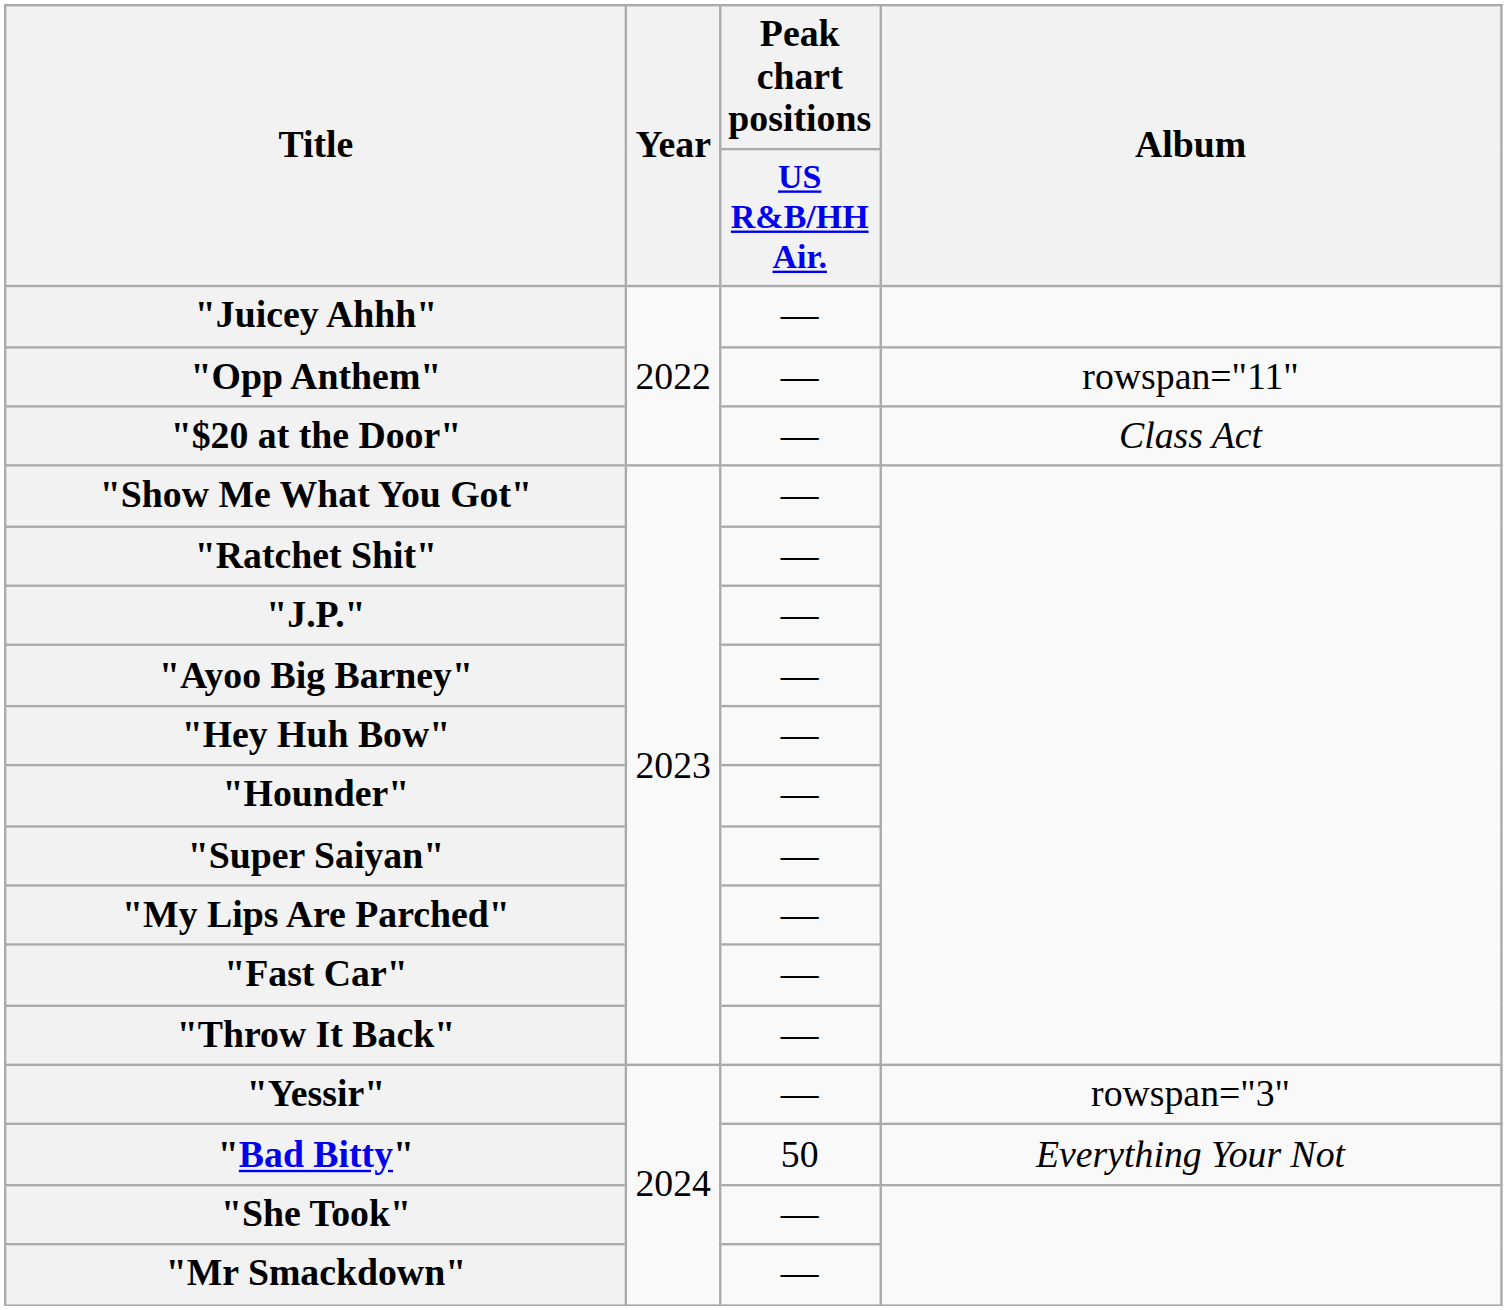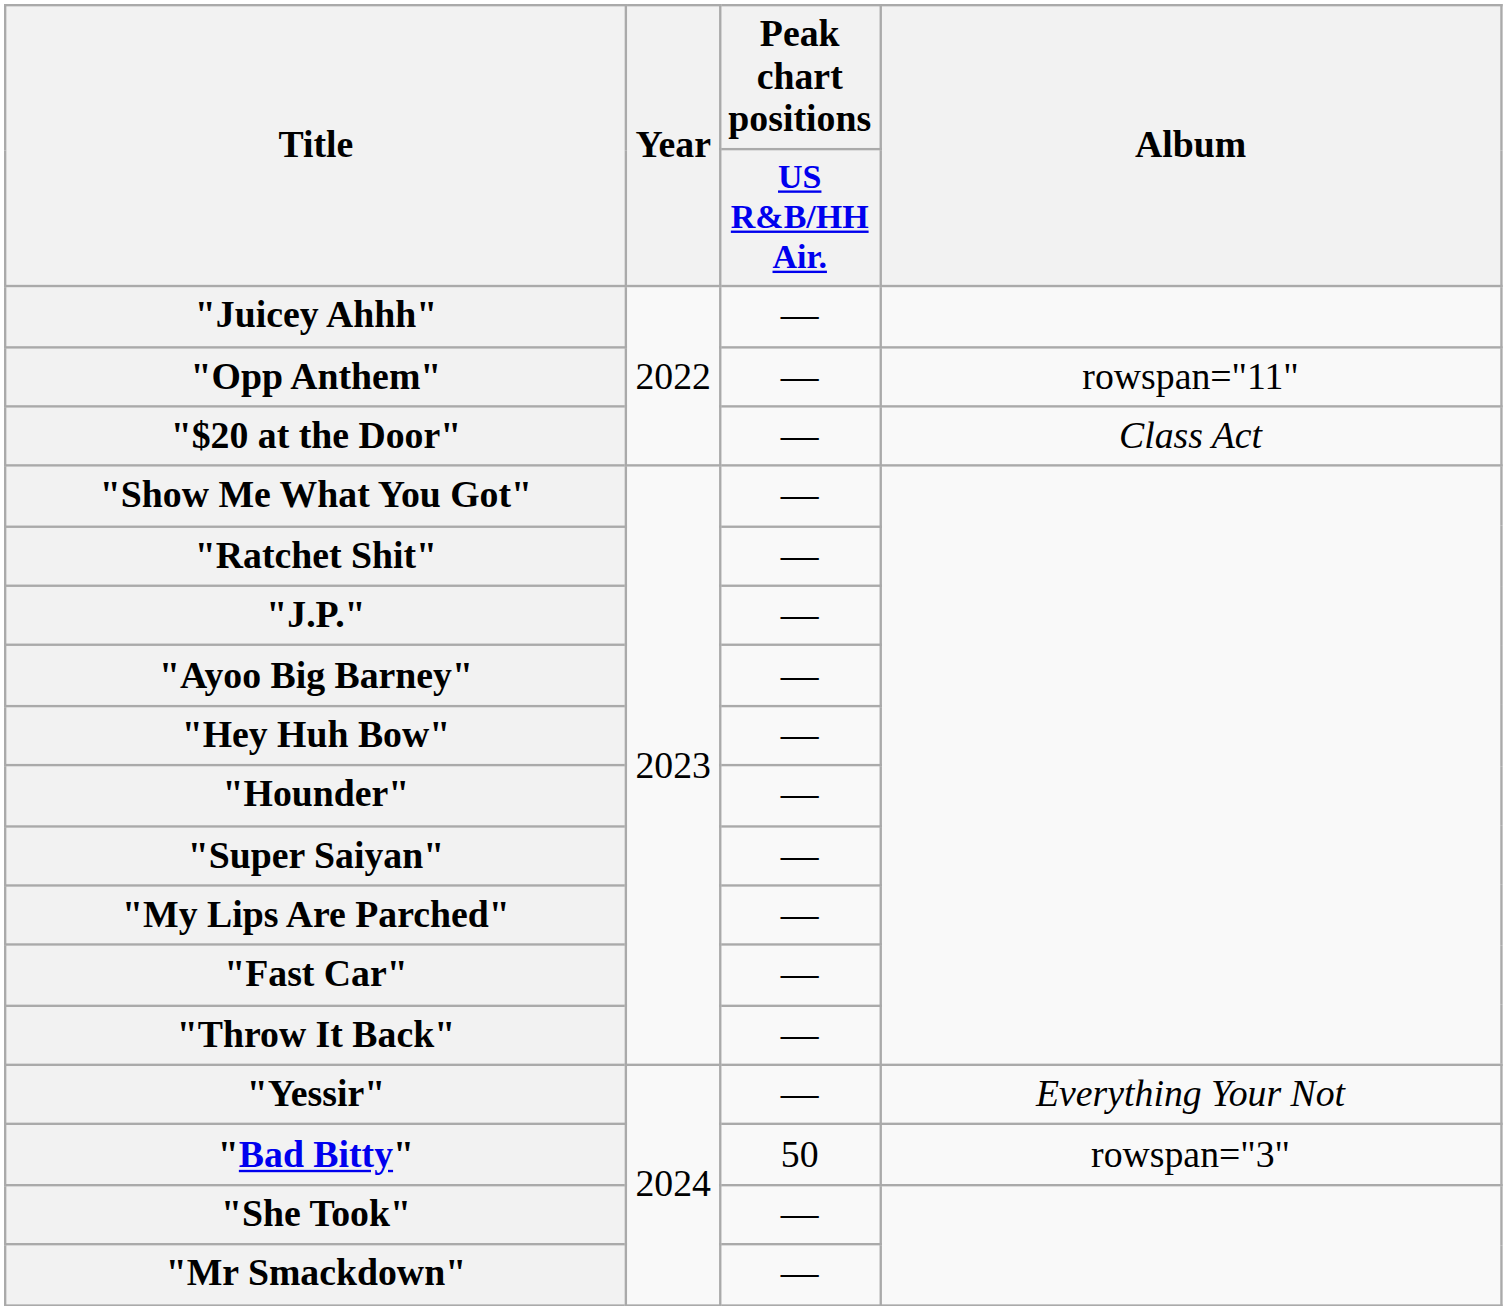 <table class="wikitable plainrowheaders" style="text-align:center;">
 <tr>
 <th scope="col" rowspan="2" style="width:16em;">Title</th>
 <th scope="col" rowspan="2" style="width:1em;">Year</th>
 <th scope="col" colspan="1">Peak chart positions</th>
 <th scope="col" rowspan="2" style="width:16em;">Album</th>
 </tr>
 <tr>
 <th scope="col" style="width:2.5em;font-size:90%;"><a href='#'>US<br>R&B/HH<br>Air.</a><br></th>
 </tr>
 <tr>
 <th scope="row">"Juicey Ahhh"<br></th>
 <td rowspan="3">2022</td>
 <td>—</td>
 <td></td>
 </tr>
 <tr>
 <th scope="row">"Opp Anthem"</th>
 <td>—</td>
 <td>rowspan="11" </td>
 </tr>
 <tr>
 <th scope="row">"$20 at the Door"</th>
 <td>—</td>
 <td><em>Class Act</em></td>
 </tr>
 <tr>
 <th scope="row">"Show Me What You Got"</th>
 <td rowspan="10">2023</td>
 <td>—</td>
 </tr>
 <tr>
 <th scope="row">"Ratchet Shit"</th>
 <td>—</td>
 </tr>
 <tr>
 <th scope="row">"J.P."<br></th>
 <td>—</td>
 </tr>
 <tr>
 <th scope="row">"Ayoo Big Barney"</th>
 <td>—</td>
 </tr>
 <tr>
 <th scope="row">"Hey Huh Bow"<br></th>
 <td>—</td>
 </tr>
 <tr>
 <th scope="row">"Hounder"<br></th>
 <td>—</td>
 </tr>
 <tr>
 <th scope="row">"Super Saiyan"</th>
 <td>—</td>
 </tr>
 <tr>
 <th scope="row">"My Lips Are Parched"</th>
 <td>—</td>
 </tr>
 <tr>
 <th scope="row">"Fast Car"</th>
 <td>—</td>
 </tr>
 <tr>
 <th scope="row">"Throw It Back"</th>
 <td>—</td>
 </tr>
 <tr>
 <th scope="row">"Yessir"</th>
 <td rowspan="4">2024</td>
 <td>—</td>
-<td>rowspan="3" </td>
+<td><em>Everything Your Not</em></td>
 </tr>
 <tr>
 <th scope="row">"<a href='#'>Bad Bitty</a>"</th>
 <td>50</td>
-<td><em>Everything Your Not</em></td>
+<td>rowspan="3" </td>
 </tr>
 <tr>
 <th scope="row">"She Took"</th>
 <td>—</td>
 </tr>
 <tr>
 <th scope="row">"Mr Smackdown"</th>
 <td>—</td>
 </tr>
 </table>
